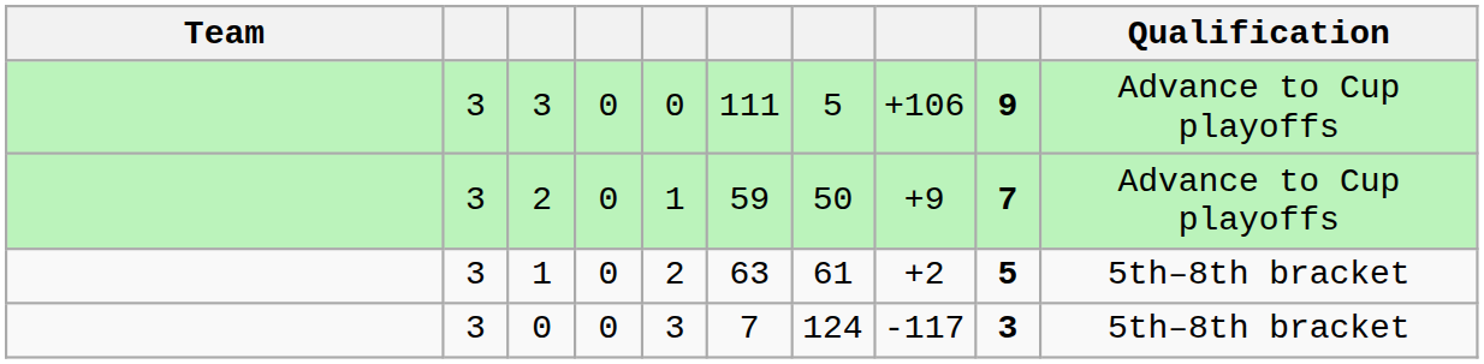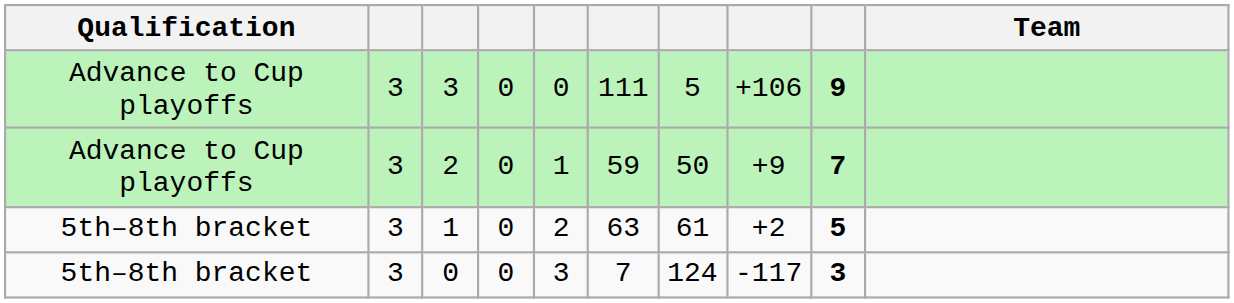 <table class="wikitable" style="text-align:center">
 <tr>
-<th style="width:12.5em">Team</th>
+<th style="width:12.5em">Qualification</th>
 <th style="width:1.5em;"></th>
 <th style="width:1.5em;"></th>
 <th style="width:1.5em;"></th>
 <th style="width:1.5em;"></th>
 <th style="width:2.0em;"></th>
 <th style="width:2.0em;"></th>
 <th style="width:2.5em;"></th>
 <th style="width:1.5em;"></th>
-<th style="width:12.5em">Qualification</th>
+<th style="width:12.5em">Team</th>
 </tr>
 <tr bgcolor=#bbf3bb>
-<td align=left></td>
+<td>Advance to Cup playoffs</td>
 <td>3</td>
 <td>3</td>
 <td>0</td>
 <td>0</td>
 <td>111</td>
 <td>5</td>
 <td>+106</td>
 <td><strong>9</strong></td>
-<td>Advance to Cup playoffs</td>
+<td align=left></td>
 </tr>
 <tr bgcolor=#bbf3bb>
-<td align=left></td>
+<td>Advance to Cup playoffs</td>
 <td>3</td>
 <td>2</td>
 <td>0</td>
 <td>1</td>
 <td>59</td>
 <td>50</td>
 <td>+9</td>
 <td><strong>7</strong></td>
-<td>Advance to Cup playoffs</td>
+<td align=left></td>
 </tr>
 <tr>
-<td align=left></td>
+<td>5th–8th bracket</td>
 <td>3</td>
 <td>1</td>
 <td>0</td>
 <td>2</td>
 <td>63</td>
 <td>61</td>
 <td>+2</td>
 <td><strong>5</strong></td>
-<td>5th–8th bracket</td>
+<td align=left></td>
 </tr>
 <tr>
-<td align=left></td>
+<td>5th–8th bracket</td>
 <td>3</td>
 <td>0</td>
 <td>0</td>
 <td>3</td>
 <td>7</td>
 <td>124</td>
 <td>-117</td>
 <td><strong>3</strong></td>
-<td>5th–8th bracket</td>
+<td align=left></td>
 </tr>
 </table>
